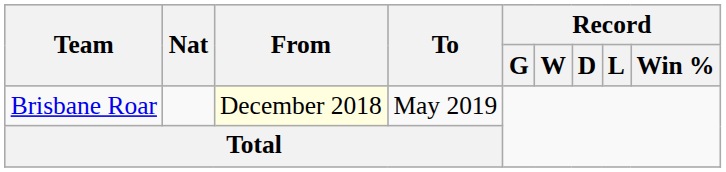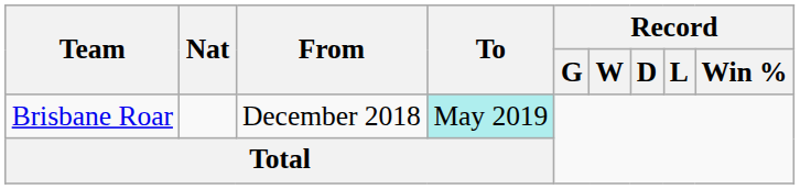 <table class="wikitable" style="text-align: center">
 <tr>
 <th rowspan=2>Team</th>
 <th rowspan=2>Nat</th>
 <th rowspan=2>From</th>
 <th rowspan=2>To</th>
 <th colspan=5>Record</th>
 </tr>
 <tr>
 <th>G</th>
 <th>W</th>
 <th>D</th>
 <th>L</th>
 <th>Win %</th>
 </tr>
 <tr>
 <td align=left><a href='#'>Brisbane Roar</a></td>
 <td></td>
-<td align=left style="background: lightyellow;">December 2018</td>
-<td align=left>May 2019<br></td>
+<td align=left>December 2018</td>
+<td align=left style="background: paleturquoise;">May 2019<br></td>
 </tr>
 <tr>
 <th colspan=4>Total<br></th>
 </tr>
 </table>
